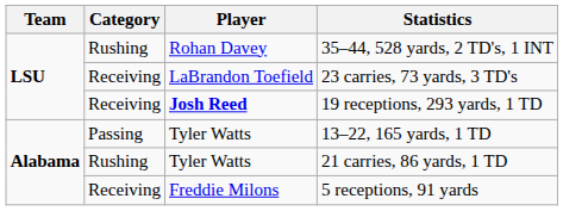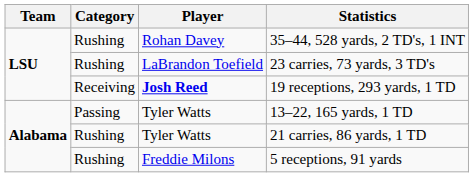 <table class="wikitable" style="float: right;">
 <tr>
 <th>Team</th>
 <th>Category</th>
 <th>Player</th>
 <th>Statistics</th>
 </tr>
 <tr>
 <td rowspan=3><strong>LSU</strong></td>
 <td>Rushing</td>
 <td><a href='#'>Rohan Davey</a></td>
 <td>35–44, 528 yards, 2 TD's, 1 INT</td>
 </tr>
 <tr>
-<td>Receiving</td>
+<td>Rushing</td>
 <td><a href='#'>LaBrandon Toefield</a></td>
 <td>23 carries, 73 yards, 3 TD's</td>
 </tr>
 <tr>
 <td>Receiving</td>
 <td><strong><a href='#'>Josh Reed</a></strong></td>
 <td>19 receptions, 293 yards, 1 TD</td>
 </tr>
 <tr>
 <td rowspan=3><strong>Alabama</strong></td>
 <td>Passing</td>
 <td>Tyler Watts</td>
 <td>13–22, 165 yards, 1 TD</td>
 </tr>
 <tr>
 <td>Rushing</td>
 <td>Tyler Watts</td>
 <td>21 carries, 86 yards, 1 TD</td>
 </tr>
 <tr>
-<td>Receiving</td>
+<td>Rushing</td>
 <td><a href='#'>Freddie Milons</a></td>
 <td>5 receptions, 91 yards</td>
 </tr>
 </table>
